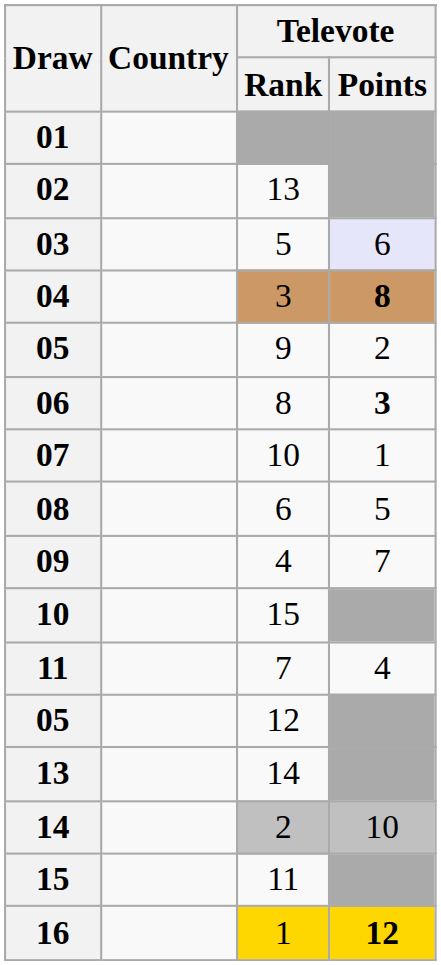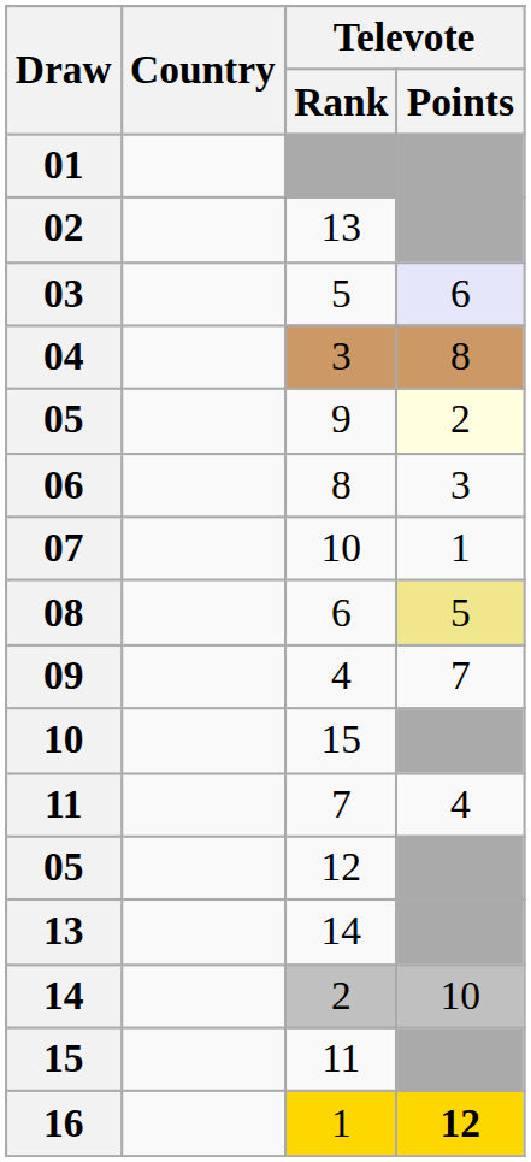 <table class="sortable wikitable collapsible plainrowheaders" style="text-align:center;">
 <tr>
 </tr>
 <tr>
 <th scope="col" rowspan="2">Draw</th>
 <th scope="col" rowspan="2">Country</th>
 <th scope="col" colspan="2">Televote</th>
 </tr>
 <tr>
 <th scope="col">Rank</th>
 <th scope="col" class="unsortable">Points</th>
 </tr>
 <tr class="sortbottom">
 <th scope="row" style="text-align:center;">01</th>
 <td style="text-align:left;"></td>
 <td style="background:#AAAAAA;"></td>
 <td style="background:#AAAAAA;"></td>
 </tr>
 <tr>
 <th scope="row" style="text-align:center;">02</th>
 <td style="text-align:left;"></td>
 <td>13</td>
 <td style="background:#AAAAAA;"></td>
 </tr>
 <tr>
 <th scope="row" style="text-align:center;">03</th>
 <td style="text-align:left;"></td>
 <td>5</td>
 <td style="background: lavender;">6</td>
 </tr>
 <tr>
 <th scope="row" style="text-align:center;">04</th>
 <td style="text-align:left;"></td>
 <td style="background:#CC9966;">3</td>
-<td style="background:#CC9966;"><strong>8</strong></td>
+<td style="background:#CC9966;">8</td>
 </tr>
 <tr>
 <th scope="row" style="text-align:center;">05</th>
 <td style="text-align:left;"></td>
 <td>9</td>
-<td>2</td>
+<td style="background: lightyellow;">2</td>
 </tr>
 <tr>
 <th scope="row" style="text-align:center;">06</th>
 <td style="text-align:left;"></td>
 <td>8</td>
-<td><strong>3</strong></td>
+<td>3</td>
 </tr>
 <tr>
 <th scope="row" style="text-align:center;">07</th>
 <td style="text-align:left;"></td>
 <td>10</td>
 <td>1</td>
 </tr>
 <tr>
 <th scope="row" style="text-align:center;">08</th>
 <td style="text-align:left;"></td>
 <td>6</td>
-<td>5</td>
+<td style="background: khaki;">5</td>
 </tr>
 <tr>
 <th scope="row" style="text-align:center;">09</th>
 <td style="text-align:left;"></td>
 <td>4</td>
 <td>7</td>
 </tr>
 <tr>
 <th scope="row" style="text-align:center;">10</th>
 <td style="text-align:left;"></td>
 <td>15</td>
 <td style="background:#AAAAAA;"></td>
 </tr>
 <tr>
 <th scope="row" style="text-align:center;">11</th>
 <td style="text-align:left;"></td>
 <td>7</td>
 <td>4</td>
 </tr>
 <tr>
 <th scope="row" style="text-align:center;">05</th>
 <td style="text-align:left;"></td>
 <td>12</td>
 <td style="background:#AAAAAA;"></td>
 </tr>
 <tr>
 <th scope="row" style="text-align:center;">13</th>
 <td style="text-align:left;"></td>
 <td>14</td>
 <td style="background:#AAAAAA;"></td>
 </tr>
 <tr>
 <th scope="row" style="text-align:center;">14</th>
 <td style="text-align:left;"></td>
 <td style="background:silver;">2</td>
 <td style="background:silver;">10</td>
 </tr>
 <tr>
 <th scope="row" style="text-align:center;">15</th>
 <td style="text-align:left;"></td>
 <td>11</td>
 <td style="background:#AAAAAA;"></td>
 </tr>
 <tr>
 <th scope="row" style="text-align:center;">16</th>
 <td style="text-align:left;"></td>
 <td style="background:gold;">1</td>
 <td style="background:gold;"><strong>12</strong></td>
 </tr>
 </table>
